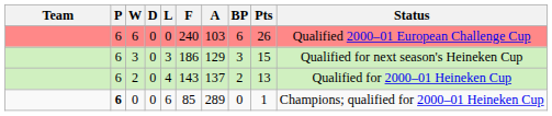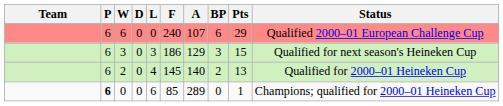 <table class="wikitable" style="text-align:center;">
 <tr>
 <th width="120px">Team</th>
 <th>P</th>
 <th>W</th>
 <th>D</th>
 <th>L</th>
 <th width="23px">F</th>
 <th width="23px">A</th>
 <th>BP</th>
 <th width="23px">Pts</th>
 <th>Status</th>
 </tr>
 <tr bgcolor="#FF8888">
 <td></td>
 <td>6</td>
 <td>6</td>
 <td>0</td>
 <td>0</td>
 <td>240</td>
-<td>103</td>
+<td>107</td>
 <td>6</td>
-<td>26</td>
+<td>29</td>
 <td>Qualified <a href='#'>2000–01 European Challenge Cup</a></td>
 </tr>
 <tr bgcolor="#D0F0C0">
 <td></td>
 <td>6</td>
 <td>3</td>
 <td>0</td>
 <td>3</td>
 <td>186</td>
 <td>129</td>
 <td>3</td>
 <td>15</td>
 <td>Qualified for next season's Heineken Cup</td>
 </tr>
 <tr bgcolor="#D0F0C0">
 <td></td>
 <td>6</td>
 <td>2</td>
 <td>0</td>
 <td>4</td>
-<td>143</td>
-<td>137</td>
+<td>145</td>
+<td>140</td>
 <td>2</td>
 <td>13</td>
 <td>Qualified for <a href='#'>2000–01 Heineken Cup</a></td>
 </tr>
 <tr>
 <td></td>
 <td><strong>6</strong></td>
 <td>0</td>
 <td>0</td>
 <td>6</td>
 <td>85</td>
 <td>289</td>
 <td>0</td>
 <td>1</td>
 <td>Champions; qualified for <a href='#'>2000–01 Heineken Cup</a></td>
 </tr>
 </table>
